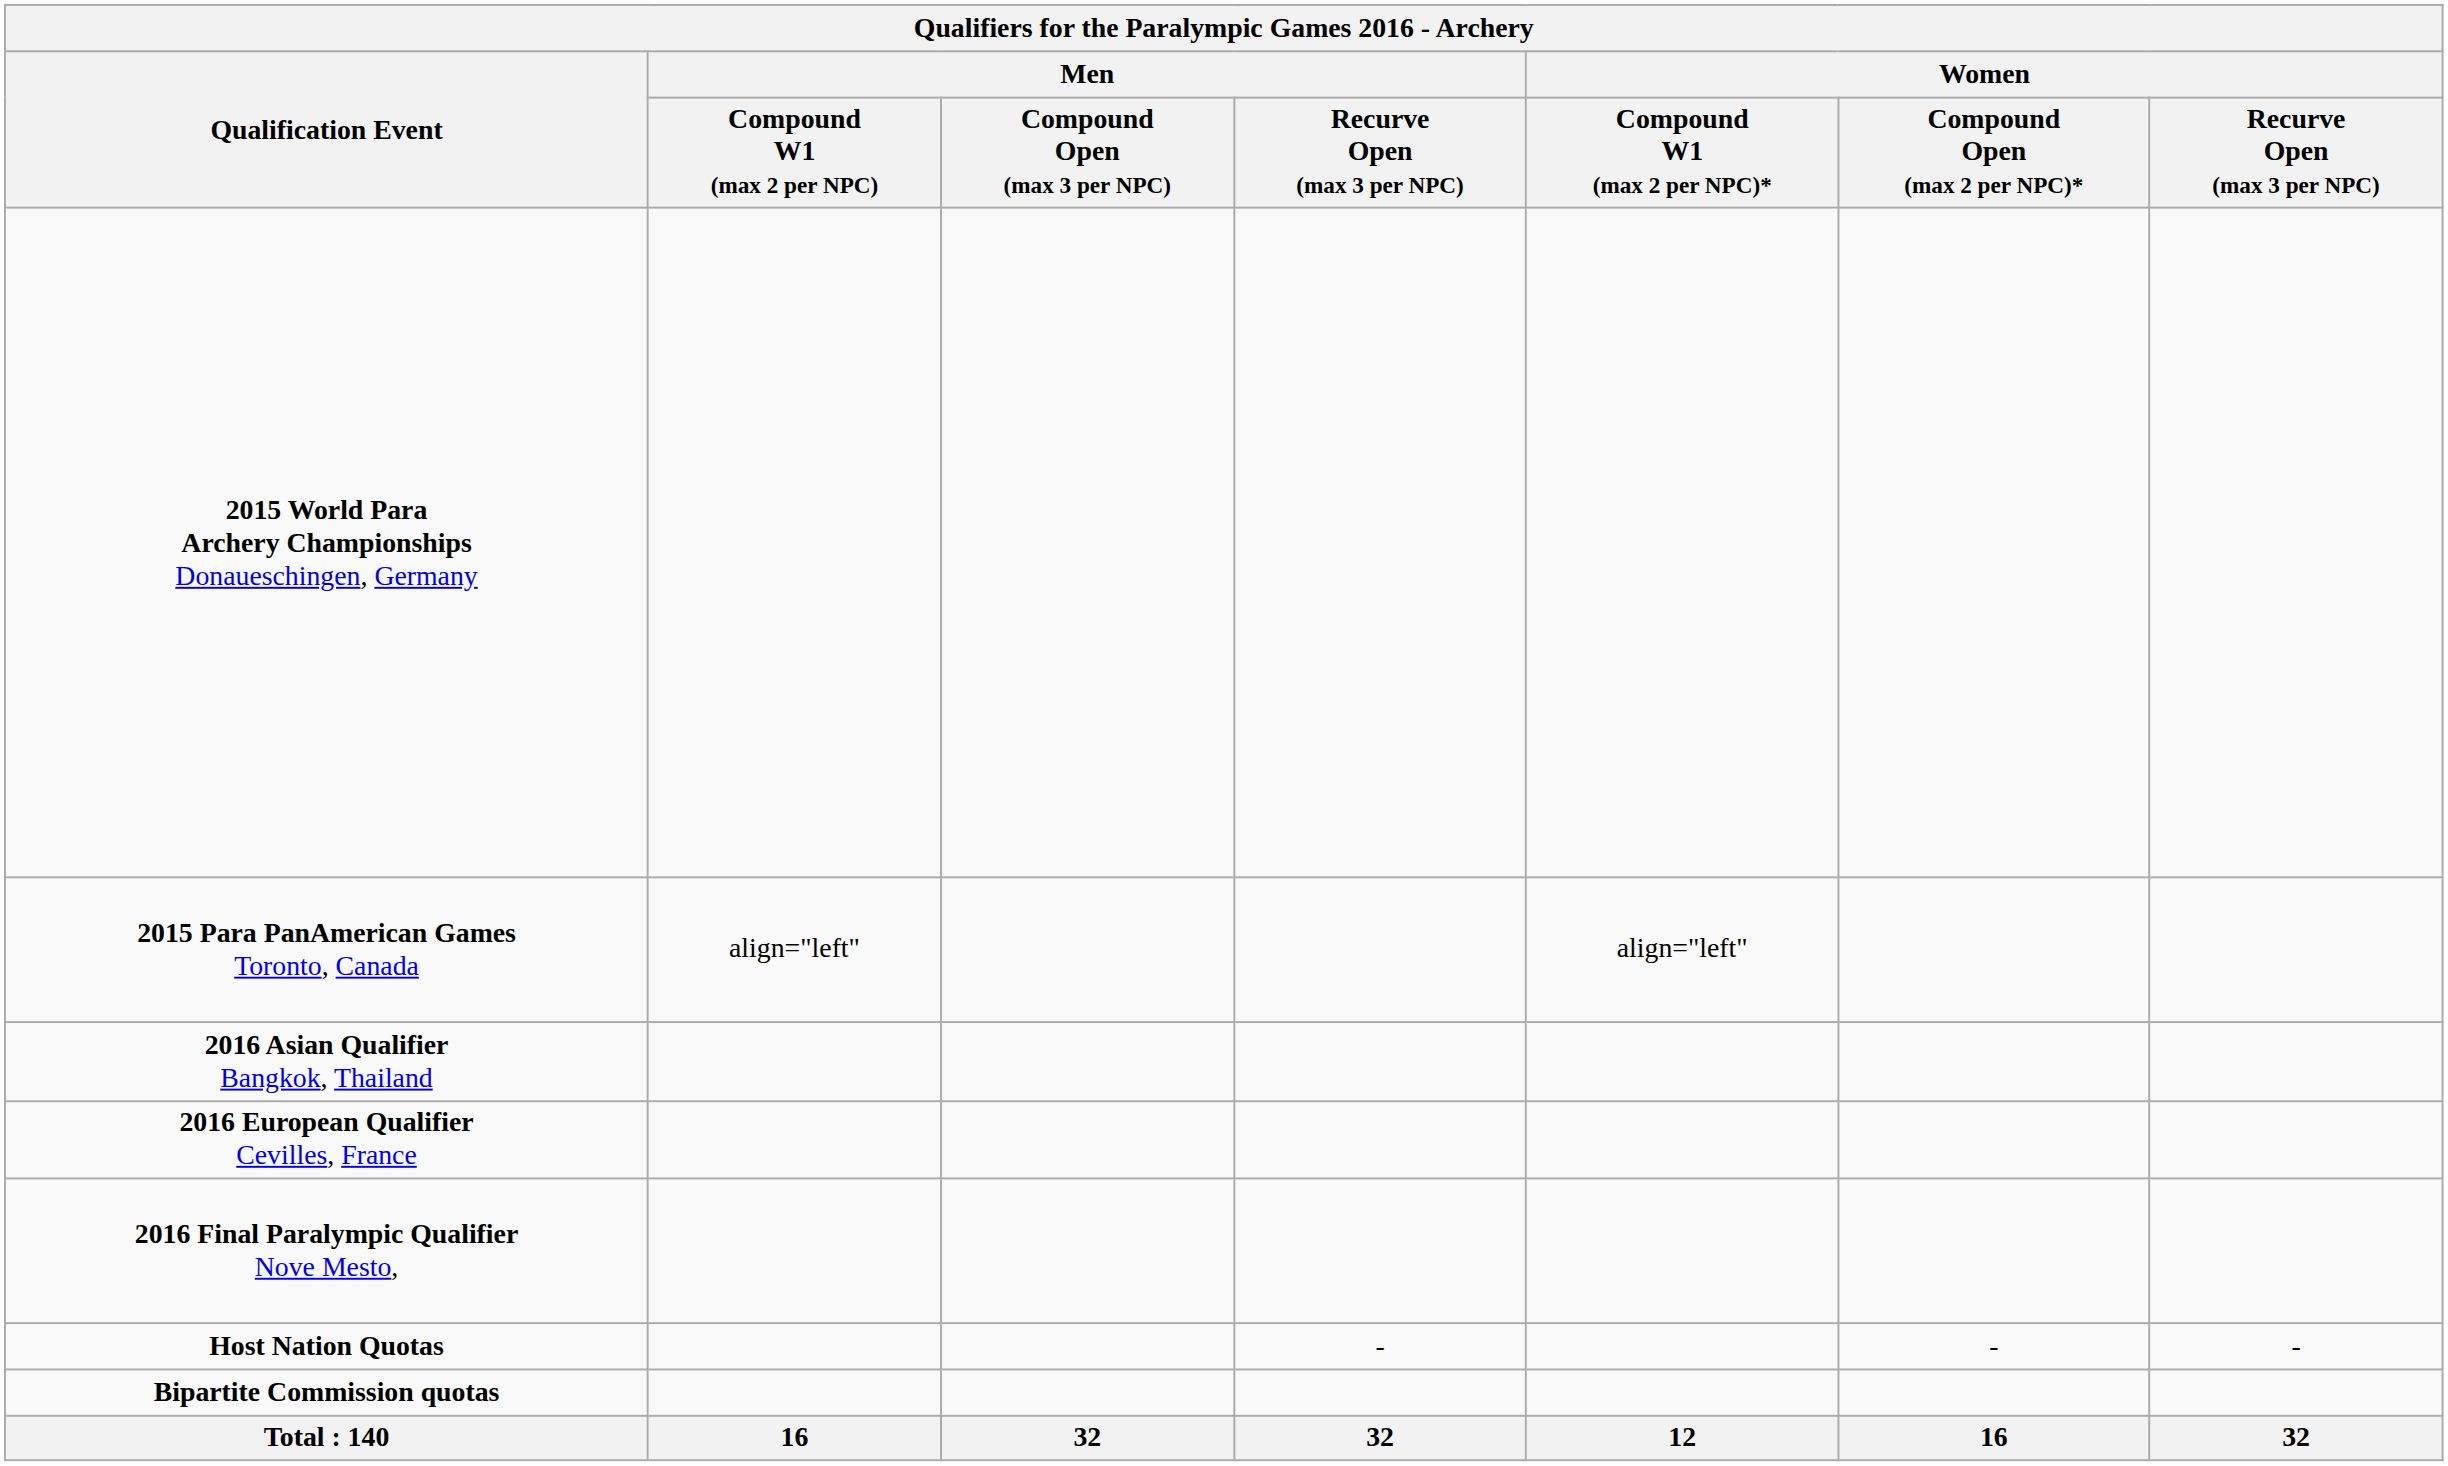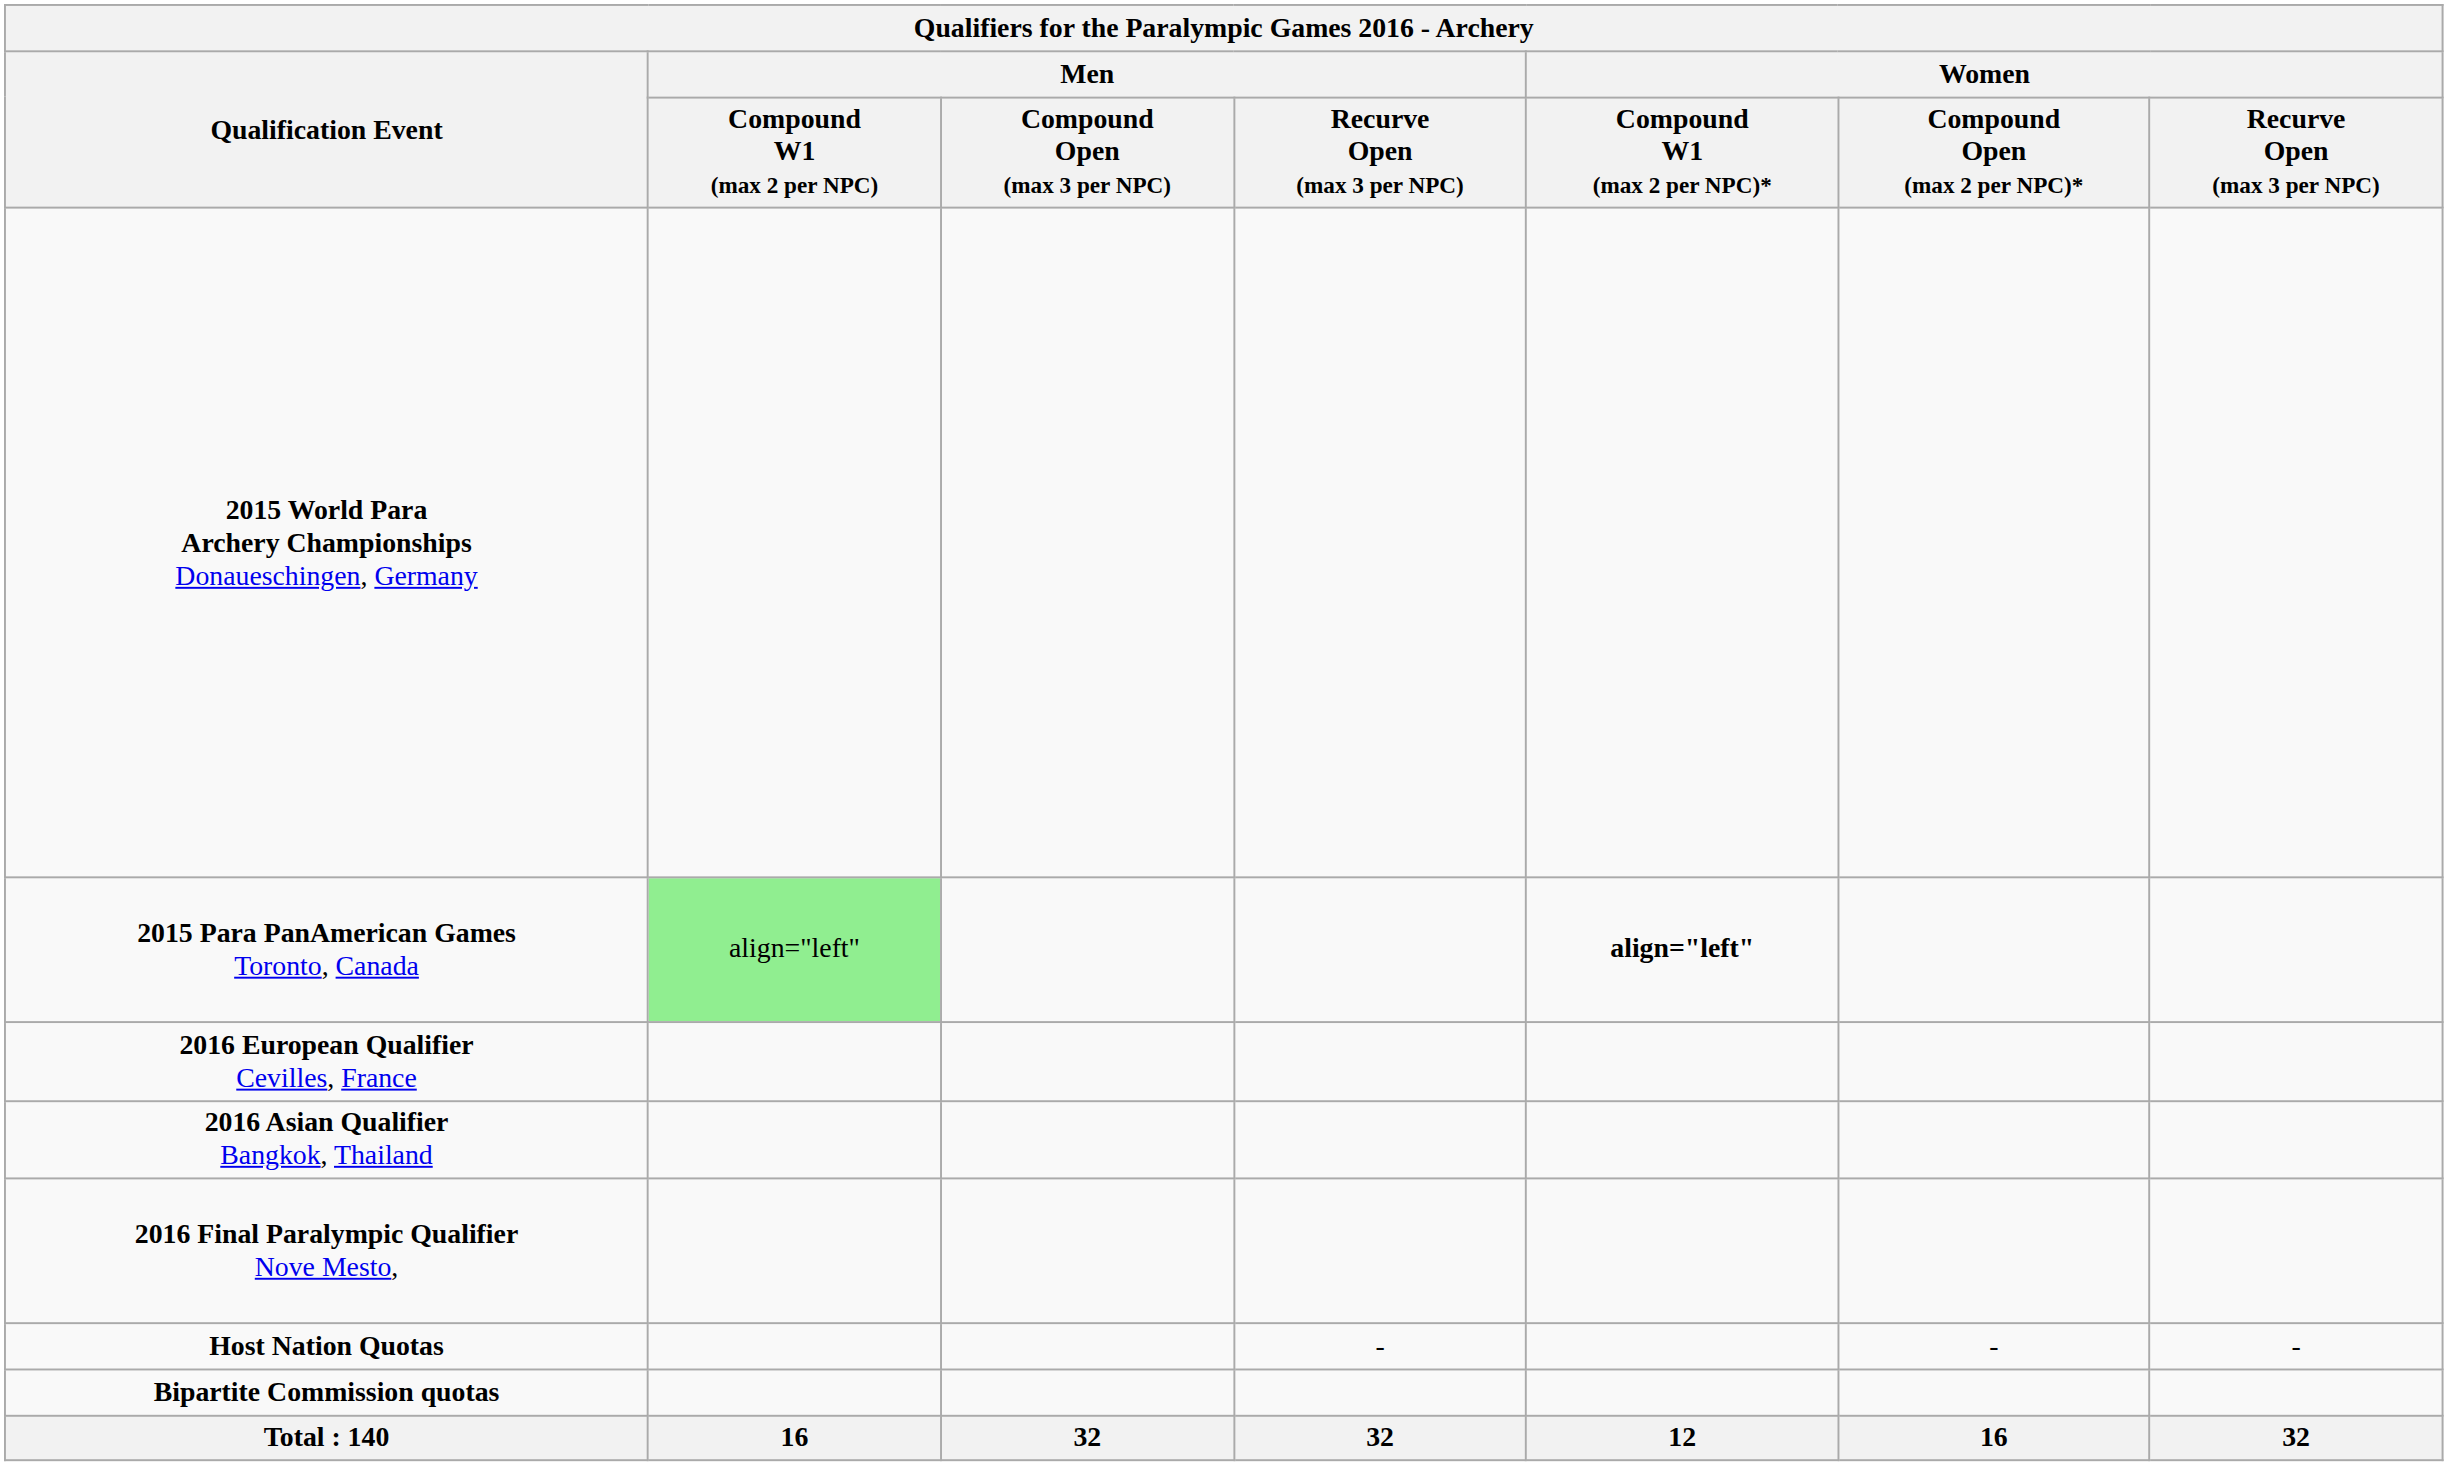 <table class="wikitable"  style="width:100%; text-align:center; font-size:90%;">
 <tr>
 <th colspan="7">Qualifiers for the Paralympic Games 2016 - Archery</th>
 </tr>
 <tr>
 <th rowspan="2">Qualification Event</th>
 <th colspan="3">Men</th>
 <th colspan="3">Women</th>
 </tr>
 <tr>
 <th>Compound<br> W1 <br><small> (max 2 per NPC) </small></th>
 <th>Compound<br> Open <br><small>(max 3 per NPC) </small></th>
 <th>Recurve <br>Open <br><small>(max 3 per NPC) </small></th>
 <th>Compound<br> W1 <br><small>(max 2 per NPC)* </small></th>
 <th>Compound<br> Open <br><small>(max 2 per NPC)* </small></th>
 <th>Recurve<br> Open <br><small>(max 3 per NPC) </small></th>
 </tr>
 <tr>
 <td><strong>2015 World Para<br> Archery Championships</strong><br><a href='#'>Donaueschingen</a>, <a href='#'>Germany</a></td>
 <td align="left"><br> <br> <br> <br> <br> <br> <br> <s></s><br> <br></td>
 <td align="left"><br> <br> <br> <br>  <br> <br> <br> <br> <br> <br><br> <s></s><br> <br> <br> <br> <br> <br> <br></td>
 <td align="left"><br> <br> <br> <br> <br> <br> <br> <br> <br><br> <br> <br> <br> <s></s><br><s></s><br> <s></s><br> <br> <br></td>
 <td align="left"><br> <br> <br> <br> <br> <s></s><br> <br> </td>
 <td align="left"><br> <br> <br> <br> <br> <s></s><br> <br></td>
 <td align="left"><br> <br> <br> <br> <br> <br> <br>  <br> <br> <br> <br> <s></s><br><s></s><br> <s></s><br><br> <br> <br> <br> <br> <br></td>
 </tr>
 <tr>
 <td><strong>2015 Para PanAmerican Games</strong><br><a href='#'>Toronto</a>, <a href='#'>Canada</a><br></td>
-<td>align="left" </td>
+<td style="background: lightgreen;">align="left" </td>
 <td align="left"><s><br></s><br><br><br></td>
 <td align="left"><br><br></td>
-<td>align="left" </td>
+<td><strong>align="left" </strong></td>
 <td align="left"><br></td>
 <td align="left"><br><br></td>
+</tr>
+<tr>
+<td><strong>2016 European Qualifier</strong><br><a href='#'>Cevilles</a>, <a href='#'>France</a></td>
+<td align="left"></td>
+<td align="left"><s></s><br></td>
+<td align="left"><br></td>
+<td align="left"></td>
+<td align="left"></td>
+<td align="left"><br></td>
 </tr>
 <tr>
 <td><strong>2016 Asian Qualifier</strong><br><a href='#'>Bangkok</a>, <a href='#'>Thailand</a></td>
 <td align="left"><br></td>
 <td align="left"><br><br></td>
 <td align="left"><br><br></td>
-<td align="left"></td>
-<td align="left"></td>
-<td align="left"><br></td>
-</tr>
-<tr>
-<td><strong>2016 European Qualifier</strong><br><a href='#'>Cevilles</a>, <a href='#'>France</a></td>
-<td align="left"></td>
-<td align="left"><s></s><br></td>
-<td align="left"><br></td>
 <td align="left"></td>
 <td align="left"></td>
 <td align="left"><br></td>
 </tr>
 <tr>
 <td><strong>2016 Final Paralympic Qualifier</strong><br><a href='#'>Nove Mesto</a>, </td>
 <td align="left"><br> <br></td>
 <td align="left"><br> <br> <br></td>
 <td align="left"><br> <br> <br> <br></td>
 <td align="left"><br> <br></td>
 <td align="left"><br> <br> <br></td>
 <td align="left"><br> <br> <br></td>
 </tr>
 <tr>
 <td><strong>Host Nation Quotas</strong> <br></td>
 <td align="left"><br></td>
 <td align="left"><br></td>
 <td align="center">-</td>
 <td align="left"><br></td>
 <td align="center">-</td>
 <td align="center">-</td>
 </tr>
 <tr>
 <td><strong>Bipartite Commission quotas</strong><br></td>
 <td></td>
 <td></td>
 <td></td>
 <td></td>
 <td></td>
 <td></td>
 </tr>
 <tr>
 <th>Total : 140</th>
 <th>16</th>
 <th>32</th>
 <th>32</th>
 <th>12</th>
 <th>16</th>
 <th>32</th>
 </tr>
 </table>
